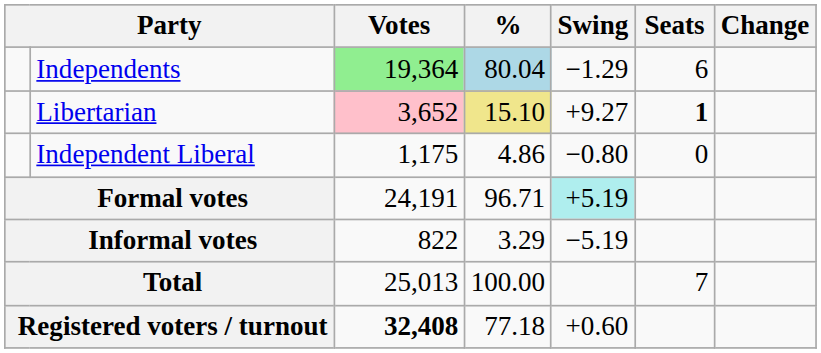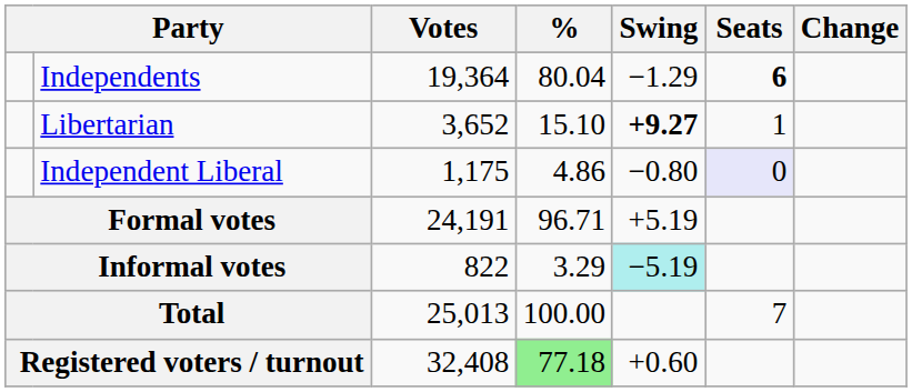 <table class="wikitable" style="text-align:right; margin-bottom:0">
 <tr>
 <th style="width:10px" colspan=3>Party</th>
 <th style="width:70px;">Votes</th>
 <th style="width:40px;">%</th>
 <th style="width:40px;">Swing</th>
 <th style="width:40px;">Seats</th>
 <th style="width:40px;">Change</th>
 </tr>
 <tr>
 <td> </td>
 <td style="text-align:left;" colspan="2"><a href='#'>Independents</a></td>
-<td style="background: lightgreen;">19,364</td>
-<td style="background: lightblue;">80.04</td>
+<td>19,364</td>
+<td>80.04</td>
 <td>−1.29</td>
-<td>6</td>
+<td><strong>6</strong></td>
 <td></td>
 </tr>
 <tr>
 <td> </td>
 <td style="text-align:left;" colspan="2"><a href='#'>Libertarian</a></td>
-<td style="background: pink;">3,652</td>
-<td style="background: khaki;">15.10</td>
-<td>+9.27</td>
-<td><strong>1</strong></td>
+<td>3,652</td>
+<td>15.10</td>
+<td><strong>+9.27</strong></td>
+<td>1</td>
 <td></td>
 </tr>
 <tr>
 <td> </td>
 <td colspan="2" style="text-align:left;"><a href='#'>Independent Liberal</a></td>
 <td>1,175</td>
 <td>4.86</td>
 <td>−0.80</td>
-<td>0</td>
+<td style="background: lavender;">0</td>
 <td></td>
 </tr>
 <tr>
 <th colspan="3" rowspan="1"> Formal votes</th>
 <td>24,191</td>
 <td>96.71</td>
-<td style="background: paleturquoise;">+5.19</td>
+<td>+5.19</td>
 <td></td>
 <td></td>
 </tr>
 <tr>
 <th colspan="3" rowspan="1"> Informal votes</th>
 <td>822</td>
 <td>3.29</td>
-<td>−5.19</td>
+<td style="background: paleturquoise;">−5.19</td>
 <td></td>
 <td></td>
 </tr>
 <tr>
 <th colspan="3" rowspan="1"> Total</th>
 <td>25,013</td>
 <td>100.00</td>
 <td></td>
 <td>7</td>
 <td></td>
 </tr>
 <tr>
 <th colspan="3" rowspan="1"> Registered voters / turnout</th>
-<td><strong>32,408</strong></td>
-<td>77.18</td>
+<td>32,408</td>
+<td style="background: lightgreen;">77.18</td>
 <td>+0.60</td>
 <td></td>
 <td></td>
 </tr>
 </table>
